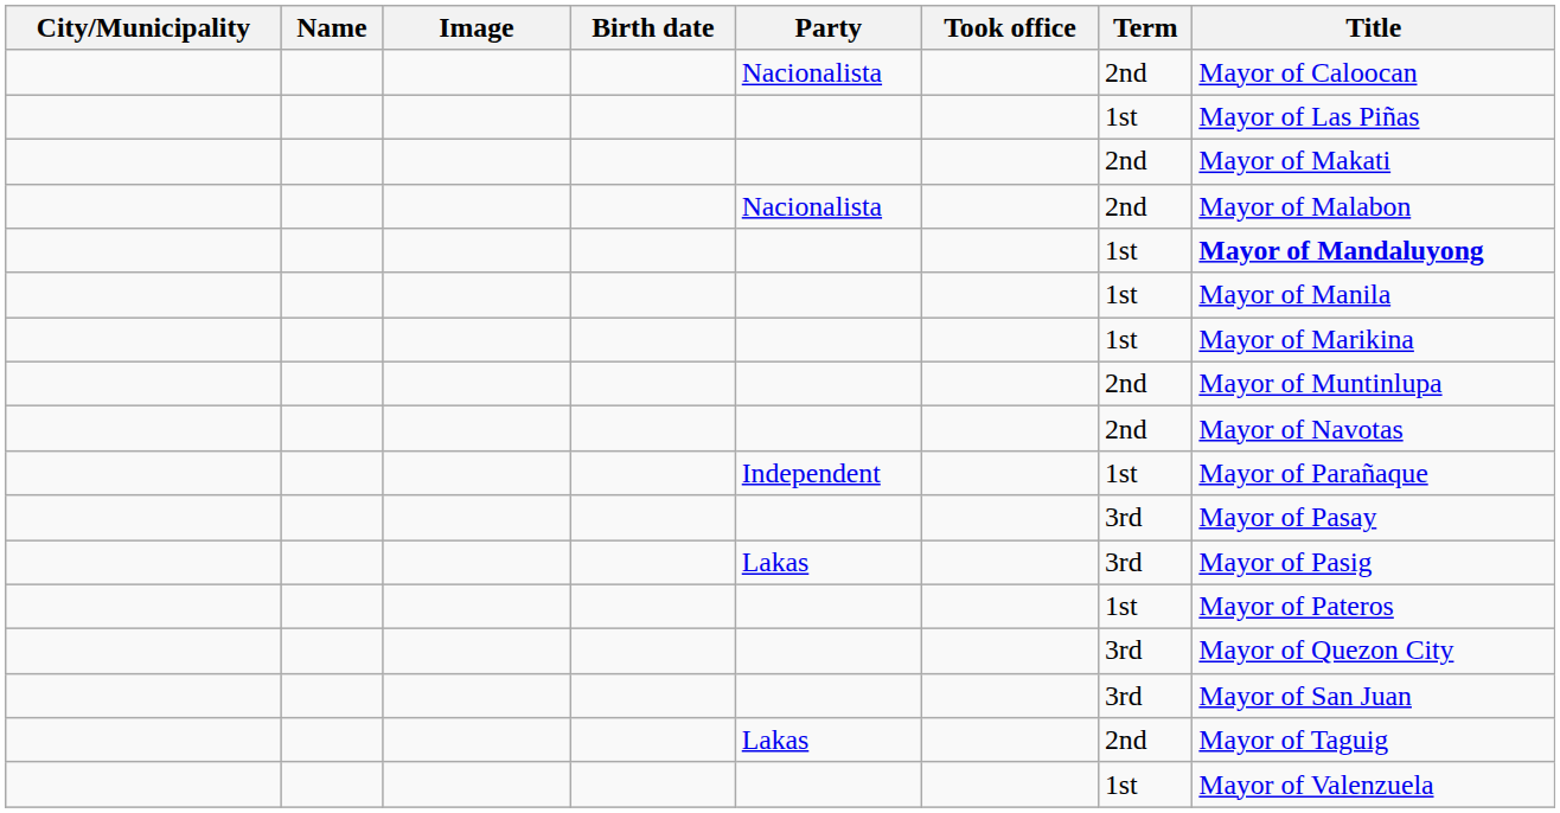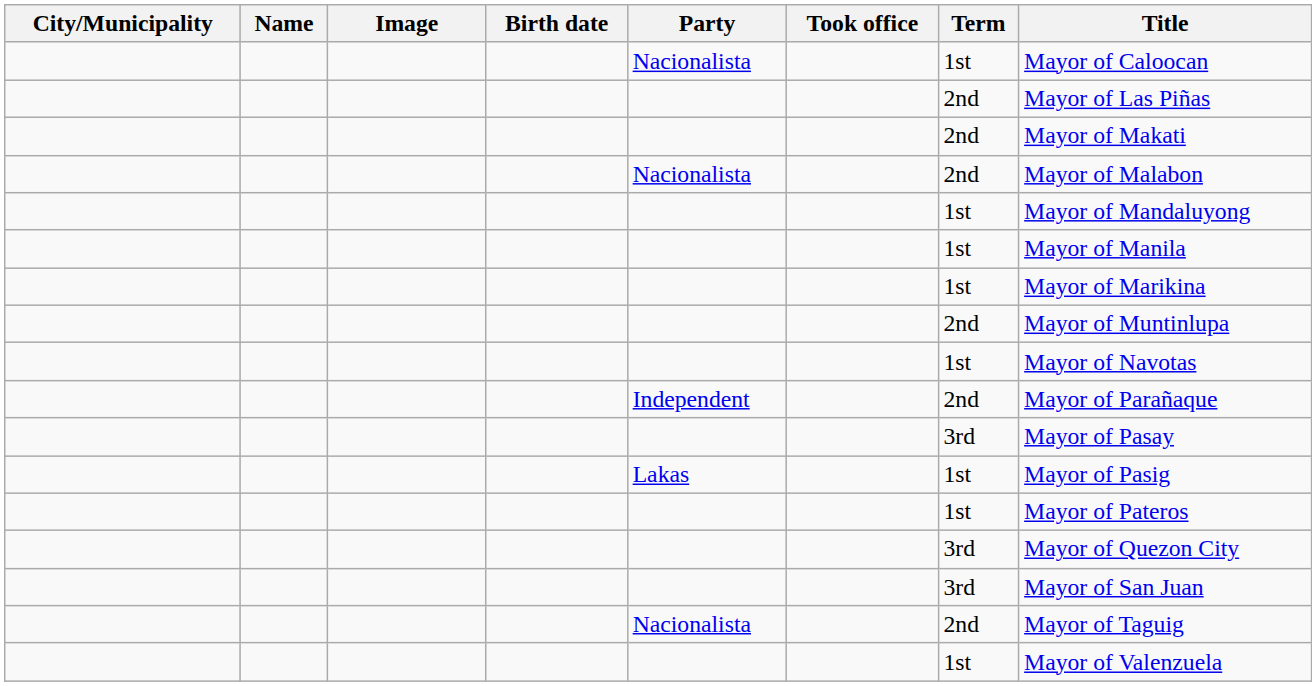 <table class="wikitable sortable mw-collapsible plainrowheaders" width="100%">
 <tr>
 <th>City/Municipality</th>
 <th>Name</th>
 <th>Image</th>
 <th>Birth date</th>
 <th>Party</th>
 <th>Took office</th>
 <th>Term</th>
 <th>Title</th>
 </tr>
 <tr>
 <td></td>
 <td></td>
 <td width="100px" align="center"></td>
 <td></td>
 <td> <a href='#'>Nacionalista</a></td>
 <td></td>
-<td>2nd</td>
+<td>1st</td>
 <td><a href='#'>Mayor of Caloocan</a></td>
 </tr>
 <tr>
 <td></td>
 <td></td>
 <td width="100px" align="center"></td>
 <td></td>
 <td> </td>
 <td></td>
-<td>1st</td>
+<td>2nd</td>
 <td><a href='#'>Mayor of Las Piñas</a></td>
 </tr>
 <tr>
 <td></td>
 <td></td>
 <td width="100px" align="center"></td>
 <td></td>
 <td></td>
 <td></td>
 <td>2nd</td>
 <td><a href='#'>Mayor of Makati</a></td>
 </tr>
 <tr>
 <td></td>
 <td></td>
 <td width="100px" align="center"></td>
 <td></td>
 <td style="background:"><a href='#'>Nacionalista</a></td>
 <td></td>
 <td>2nd</td>
 <td><a href='#'>Mayor of Malabon</a></td>
 </tr>
 <tr>
 <td></td>
 <td></td>
 <td width="100px" align="center"></td>
 <td></td>
 <td style="background:"></td>
 <td></td>
 <td>1st</td>
-<td><strong><a href='#'>Mayor of Mandaluyong</a></strong></td>
+<td><a href='#'>Mayor of Mandaluyong</a></td>
 </tr>
 <tr>
 <td></td>
 <td></td>
 <td width="100px" align="center"></td>
 <td></td>
 <td> </td>
 <td></td>
 <td>1st</td>
 <td><a href='#'>Mayor of Manila</a></td>
 </tr>
 <tr>
 <td></td>
 <td></td>
 <td width="100px" align="center"></td>
 <td></td>
 <td> </td>
 <td></td>
 <td>1st</td>
 <td><a href='#'>Mayor of Marikina</a></td>
 </tr>
 <tr>
 <td></td>
 <td></td>
 <td width="100px" align="center"></td>
 <td></td>
 <td> </td>
 <td></td>
 <td>2nd</td>
 <td><a href='#'>Mayor of Muntinlupa</a></td>
 </tr>
 <tr>
 <td></td>
 <td></td>
 <td width="100px" align="center"></td>
 <td></td>
 <td> </td>
 <td></td>
-<td>2nd</td>
+<td>1st</td>
 <td><a href='#'>Mayor of Navotas</a></td>
 </tr>
 <tr>
 <td></td>
 <td></td>
 <td width="100px" align="center"></td>
 <td></td>
 <td style="background:"><a href='#'>Independent</a></td>
 <td></td>
-<td>1st</td>
+<td>2nd</td>
 <td><a href='#'>Mayor of Parañaque</a></td>
 </tr>
 <tr>
 <td></td>
 <td></td>
 <td width="100px" align="center"></td>
 <td></td>
 <td style="background:"></td>
 <td></td>
 <td>3rd</td>
 <td><a href='#'>Mayor of Pasay</a></td>
 </tr>
 <tr>
 <td></td>
 <td></td>
 <td width="100px" align="center"></td>
 <td></td>
 <td> <a href='#'>Lakas</a></td>
 <td></td>
-<td>3rd</td>
+<td>1st</td>
 <td><a href='#'>Mayor of Pasig</a></td>
 </tr>
 <tr>
 <td></td>
 <td></td>
 <td width="100px" align="center"></td>
 <td></td>
 <td style="background:"></td>
 <td></td>
 <td>1st</td>
 <td><a href='#'>Mayor of Pateros</a></td>
 </tr>
 <tr>
 <td></td>
 <td></td>
 <td width="100px" align="center"></td>
 <td></td>
 <td style="background:"></td>
 <td></td>
 <td>3rd</td>
 <td><a href='#'>Mayor of Quezon City</a></td>
 </tr>
 <tr>
 <td></td>
 <td></td>
 <td width="100px" align="center"></td>
 <td></td>
 <td style="background:"></td>
 <td></td>
 <td>3rd</td>
 <td><a href='#'>Mayor of San Juan</a></td>
 </tr>
 <tr>
 <td></td>
 <td></td>
 <td width="100px" align="center"></td>
 <td></td>
-<td> <a href='#'>Lakas</a></td>
+<td> <a href='#'>Nacionalista</a></td>
 <td></td>
 <td>2nd</td>
 <td><a href='#'>Mayor of Taguig</a></td>
 </tr>
 <tr>
 <td></td>
 <td></td>
 <td width="100px" align="center"></td>
 <td></td>
 <td> </td>
 <td></td>
 <td>1st</td>
 <td><a href='#'>Mayor of Valenzuela</a></td>
 </tr>
 </table>
